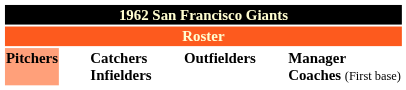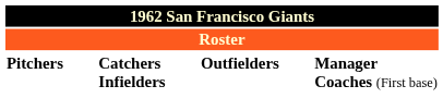 <table class="toccolours" style="font-size: 95%;">
 <tr>
 <th colspan="10" style="background-color: black; color: #FFFDD0; text-align: center;">1962 San Francisco Giants</th>
 </tr>
 <tr>
 <td colspan="10" style="background-color: #fd5a1e; color: #FFFDD0; text-align: center;"><strong>Roster</strong></td>
 </tr>
 <tr>
-<td valign="top" style="background: lightsalmon;"><strong>Pitchers</strong><br>           </td>
+<td valign="top"><strong>Pitchers</strong><br>           </td>
 <td width="25px"></td>
 <td valign="top"><strong>Catchers</strong><br>    <strong>Infielders</strong>       </td>
 <td width="25px"></td>
 <td valign="top"><strong>Outfielders</strong><br>       </td>
 <td width="25px"></td>
 <td valign="top"><strong>Manager</strong><br> <strong>Coaches</strong> </small> </small>  <small>(First base)</small></td>
 </tr>
 <tr>
 </tr>
 </table>
